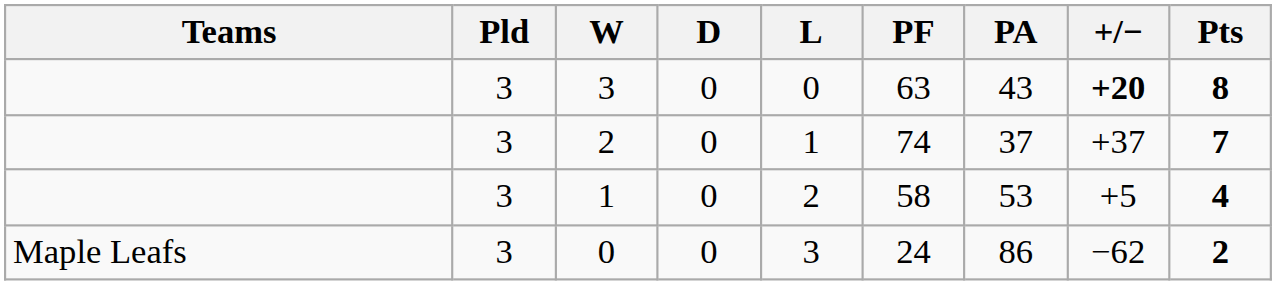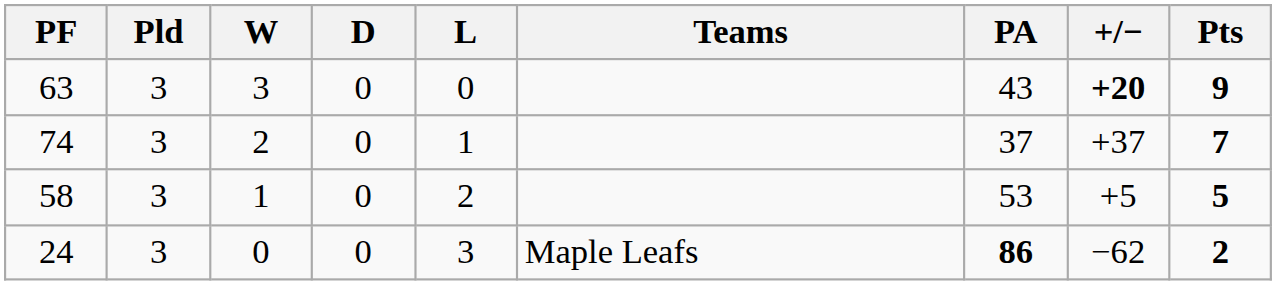 <table class="wikitable" style="text-align: center;">
 <tr>
-<th width="200">Teams</th>
+<th width="40">PF</th>
 <th width="40">Pld</th>
 <th width="40">W</th>
 <th width="40">D</th>
 <th width="40">L</th>
-<th width="40">PF</th>
+<th width="200">Teams</th>
 <th width="40">PA</th>
 <th width="40">+/−</th>
 <th width="40">Pts</th>
 </tr>
 <tr>
-<td align=left></td>
+<td>63</td>
 <td>3</td>
 <td>3</td>
 <td>0</td>
 <td>0</td>
-<td>63</td>
+<td align=left></td>
 <td>43</td>
 <td><strong>+20</strong></td>
-<td><strong>8</strong></td>
+<td><strong>9</strong></td>
 </tr>
 <tr>
-<td align=left></td>
+<td>74</td>
 <td>3</td>
 <td>2</td>
 <td>0</td>
 <td>1</td>
-<td>74</td>
+<td align=left></td>
 <td>37</td>
 <td>+37</td>
 <td><strong>7</strong></td>
 </tr>
 <tr>
-<td align=left></td>
+<td>58</td>
 <td>3</td>
 <td>1</td>
 <td>0</td>
 <td>2</td>
-<td>58</td>
+<td align=left></td>
 <td>53</td>
 <td>+5</td>
-<td><strong>4</strong></td>
+<td><strong>5</strong></td>
 </tr>
 <tr>
-<td align=left> Maple Leafs</td>
+<td>24</td>
 <td>3</td>
 <td>0</td>
 <td>0</td>
 <td>3</td>
-<td>24</td>
-<td>86</td>
+<td align=left> Maple Leafs</td>
+<td><strong>86</strong></td>
 <td>−62</td>
 <td><strong>2</strong></td>
 </tr>
 </table>
